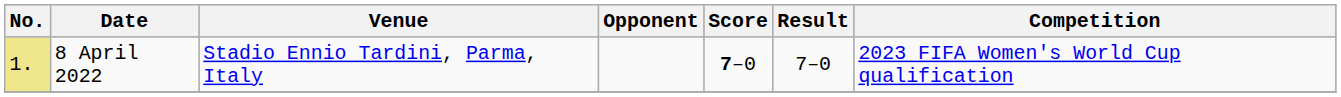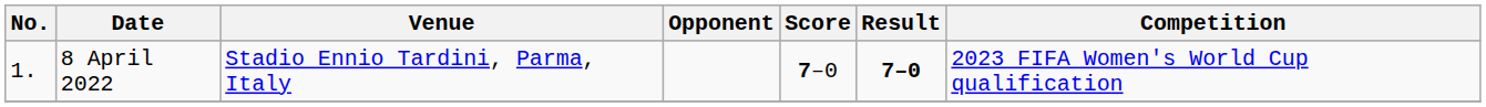 <table class="wikitable">
 <tr>
 <th>No.</th>
 <th>Date</th>
 <th>Venue</th>
 <th>Opponent</th>
 <th>Score</th>
 <th>Result</th>
 <th>Competition</th>
 </tr>
 <tr>
-<td style="background: khaki;">1.</td>
+<td>1.</td>
 <td>8 April 2022</td>
 <td><a href='#'>Stadio Ennio Tardini</a>, <a href='#'>Parma</a>, <a href='#'>Italy</a></td>
 <td></td>
 <td align=center><strong>7</strong>–0</td>
-<td align=center>7–0</td>
+<td align=center><strong>7–0</strong></td>
 <td><a href='#'>2023 FIFA Women's World Cup qualification</a></td>
 </tr>
 <tr>
 </tr>
 </table>
